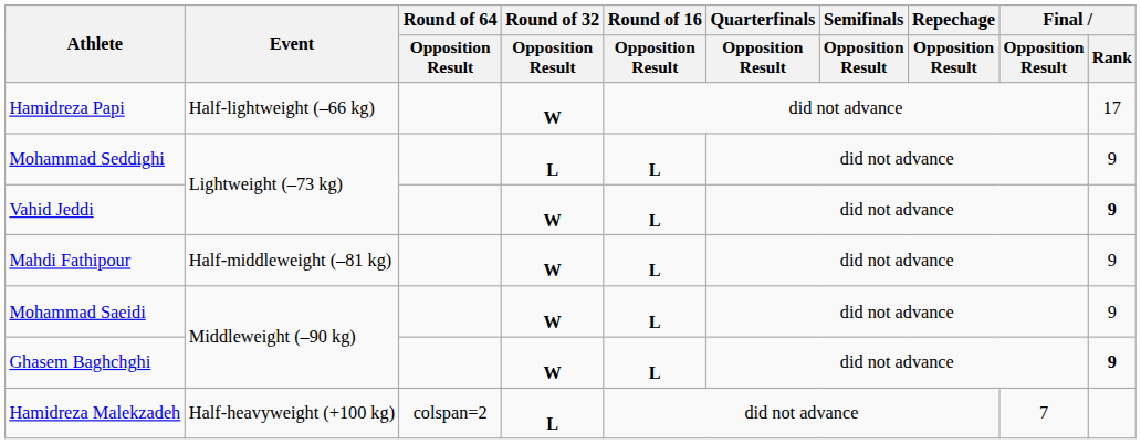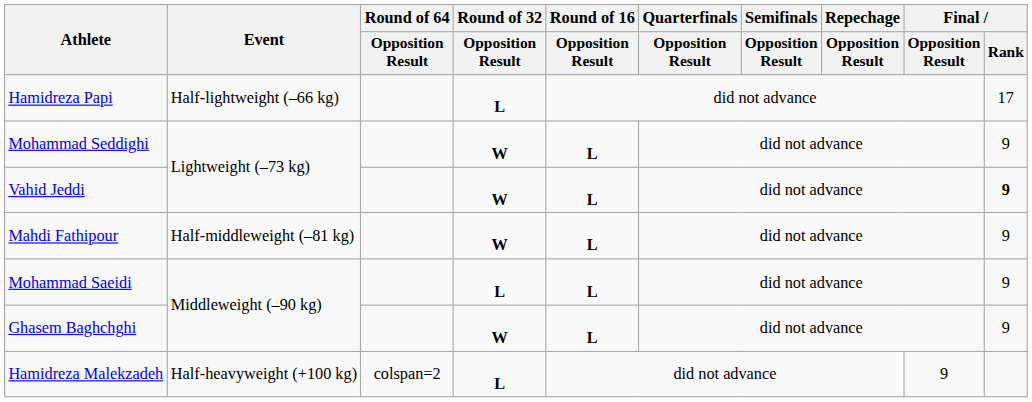 <table class="wikitable" style="font-size:90%">
 <tr>
 <th rowspan="2">Athlete</th>
 <th rowspan="2">Event</th>
 <th>Round of 64</th>
 <th>Round of 32</th>
 <th>Round of 16</th>
 <th>Quarterfinals</th>
 <th>Semifinals</th>
 <th>Repechage</th>
 <th colspan=2>Final / </th>
 </tr>
 <tr style="font-size:95%">
 <th>Opposition<br>Result</th>
 <th>Opposition<br>Result</th>
 <th>Opposition<br>Result</th>
 <th>Opposition<br>Result</th>
 <th>Opposition<br>Result</th>
 <th>Opposition<br>Result</th>
 <th>Opposition<br>Result</th>
 <th>Rank</th>
 </tr>
 <tr align=center>
 <td align=left><a href='#'>Hamidreza Papi</a></td>
 <td align=left>Half-lightweight (–66 kg)</td>
 <td></td>
-<td><br><strong>W</strong></td>
+<td><br><strong>L</strong></td>
 <td colspan=5>did not advance</td>
 <td>17</td>
 </tr>
 <tr align=center>
 <td align=left><a href='#'>Mohammad Seddighi</a></td>
 <td align=left rowspan="2">Lightweight (–73 kg)</td>
 <td></td>
-<td><br><strong>L</strong></td>
+<td><br><strong>W</strong></td>
 <td><br><strong>L</strong></td>
 <td colspan=4>did not advance</td>
 <td>9</td>
 </tr>
 <tr align=center>
 <td align=left><a href='#'>Vahid Jeddi</a></td>
 <td></td>
 <td><br><strong>W</strong></td>
 <td><br><strong>L</strong></td>
 <td colspan=4>did not advance</td>
 <td><strong>9</strong></td>
 </tr>
 <tr align=center>
 <td align=left><a href='#'>Mahdi Fathipour</a></td>
 <td align=left>Half-middleweight (–81 kg)</td>
 <td></td>
 <td><br><strong>W</strong></td>
 <td><br><strong>L</strong></td>
 <td colspan=4>did not advance</td>
 <td>9</td>
 </tr>
 <tr align=center>
 <td align=left><a href='#'>Mohammad Saeidi</a></td>
 <td align=left rowspan=2>Middleweight (–90 kg)</td>
 <td></td>
-<td><br><strong>W</strong></td>
+<td><br><strong>L</strong></td>
 <td><br><strong>L</strong></td>
 <td colspan=4>did not advance</td>
 <td>9</td>
 </tr>
 <tr align=center>
 <td align=left><a href='#'>Ghasem Baghchghi</a></td>
 <td></td>
 <td><br><strong>W</strong></td>
 <td><br><strong>L</strong></td>
 <td colspan=4>did not advance</td>
-<td><strong>9</strong></td>
+<td>9</td>
 </tr>
 <tr align=center>
 <td align=left><a href='#'>Hamidreza Malekzadeh</a></td>
 <td align=left>Half-heavyweight (+100 kg)</td>
 <td>colspan=2 </td>
 <td><br><strong>L</strong></td>
 <td colspan=4>did not advance</td>
-<td>7</td>
+<td>9</td>
 </tr>
 </table>
